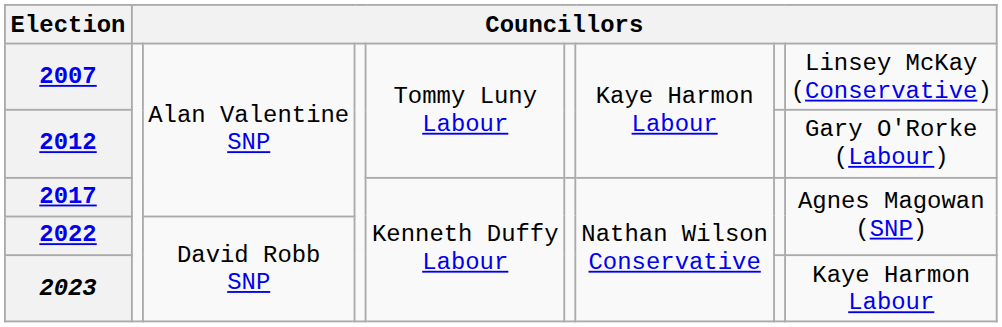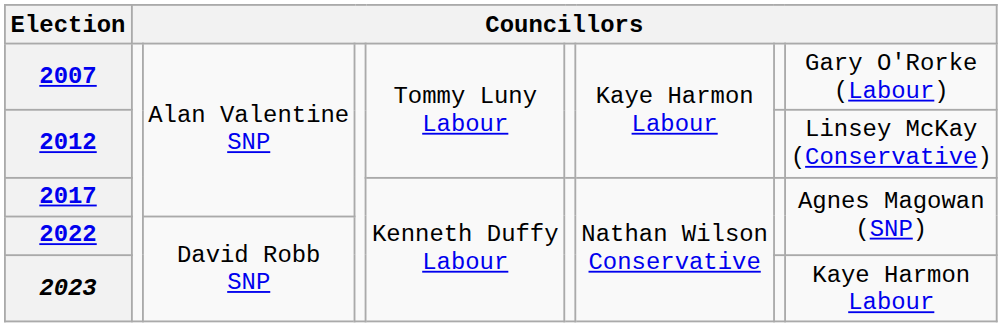 <table class="wikitable" style="text-align:center">
 <tr>
 <th>Election</th>
 <th colspan=8>Councillors</th>
 </tr>
 <tr>
 <th><a href='#'>2007</a></th>
 <td rowspan=5; style="background-color: "></td>
 <td rowspan=3>Alan Valentine<br><a href='#'>SNP</a></td>
 <td rowspan=5; style="background-color: "></td>
 <td rowspan=2>Tommy Luny<br><a href='#'>Labour</a></td>
 <td rowspan=2; style="background-color: "></td>
 <td rowspan=2>Kaye Harmon<br><a href='#'>Labour</a></td>
 <td rowspan=1; style="background-color: "></td>
-<td rowspan=1>Linsey McKay<br>(<a href='#'>Conservative</a>)</td>
+<td rowspan=1>Gary O'Rorke<br>(<a href='#'>Labour</a>)</td>
 </tr>
 <tr>
 <th><a href='#'>2012</a></th>
 <td rowspan=1; style="background-color: "></td>
-<td rowspan=1>Gary O'Rorke<br>(<a href='#'>Labour</a>)</td>
+<td rowspan=1>Linsey McKay<br>(<a href='#'>Conservative</a>)</td>
 </tr>
 <tr>
 <th><a href='#'>2017</a></th>
 <td rowspan=3>Kenneth Duffy<br><a href='#'>Labour</a></td>
 <td rowspan=3; style="background-color: "></td>
 <td rowspan=3>Nathan Wilson<br><a href='#'>Conservative</a></td>
 <td rowspan=2; style="background-color: "></td>
 <td rowspan=2>Agnes Magowan<br>(<a href='#'>SNP</a>)</td>
 </tr>
 <tr>
 <th><a href='#'>2022</a></th>
 <td rowspan=2>David Robb<br><a href='#'>SNP</a></td>
 </tr>
 <tr>
 <th><em>2023</em></th>
 <td rowspan=1; style="background-color: "></td>
 <td rowspan=1>Kaye Harmon<br><a href='#'>Labour</a></td>
 </tr>
 </table>
